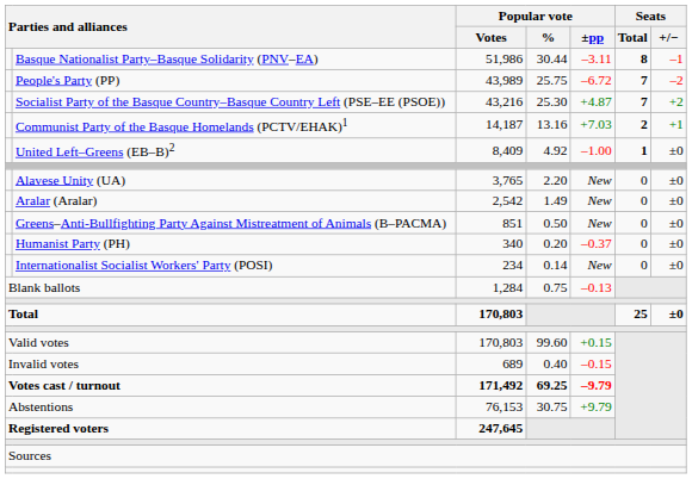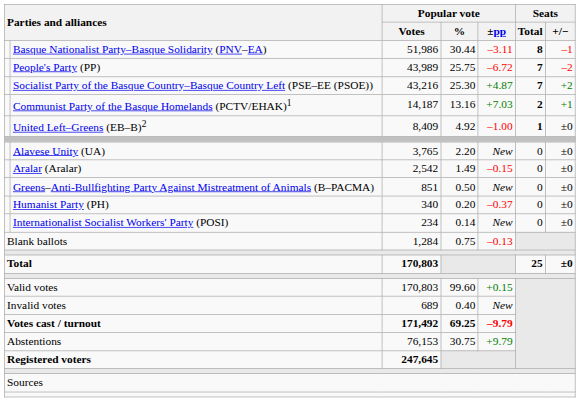 <table class="wikitable" style="text-align:right;">
 <tr>
 <th style="text-align:left;" rowspan="2" colspan="2" width="525">Parties and alliances</th>
 <th colspan="3">Popular vote</th>
 <th colspan="2">Seats</th>
 </tr>
 <tr>
 <th width="75">Votes</th>
 <th width="45">%</th>
 <th width="45">±<a href='#'>pp</a></th>
 <th width="35">Total</th>
 <th width="35">+/−</th>
 </tr>
 <tr>
 <td width="1" style="color:inherit;background:"></td>
 <td align="left"><a href='#'>Basque Nationalist Party–Basque Solidarity</a> (<a href='#'>PNV</a>–<a href='#'>EA</a>)</td>
 <td>51,986</td>
 <td>30.44</td>
 <td style="color:red;">–3.11</td>
 <td><strong>8</strong></td>
 <td style="color:red;">–1</td>
 </tr>
 <tr>
 <td style="color:inherit;background:"></td>
 <td align="left"><a href='#'>People's Party</a> (PP)</td>
 <td>43,989</td>
 <td>25.75</td>
 <td style="color:red;">–6.72</td>
 <td><strong>7</strong></td>
 <td style="color:red;">–2</td>
 </tr>
 <tr>
 <td style="color:inherit;background:"></td>
 <td align="left"><a href='#'>Socialist Party of the Basque Country–Basque Country Left</a> (PSE–EE (PSOE))</td>
 <td>43,216</td>
 <td>25.30</td>
 <td style="color:green;">+4.87</td>
 <td><strong>7</strong></td>
 <td style="color:green;">+2</td>
 </tr>
 <tr>
 <td style="color:inherit;background:"></td>
 <td align="left"><a href='#'>Communist Party of the Basque Homelands</a> (PCTV/EHAK)<sup>1</sup></td>
 <td>14,187</td>
 <td>13.16</td>
 <td style="color:green;">+7.03</td>
 <td><strong>2</strong></td>
 <td style="color:green;">+1</td>
 </tr>
 <tr>
 <td style="color:inherit;background:"></td>
 <td align="left"><a href='#'>United Left–Greens</a> (EB–B)<sup>2</sup></td>
 <td>8,409</td>
 <td>4.92</td>
 <td style="color:red;">–1.00</td>
 <td><strong>1</strong></td>
 <td>±0</td>
 </tr>
 <tr>
 <td colspan="7" bgcolor="#C0C0C0"></td>
 </tr>
 <tr>
 <td style="color:inherit;background:"></td>
 <td align="left"><a href='#'>Alavese Unity</a> (UA)</td>
 <td>3,765</td>
 <td>2.20</td>
 <td><em>New</em></td>
 <td>0</td>
 <td>±0</td>
 </tr>
 <tr>
 <td style="color:inherit;background:"></td>
 <td align="left"><a href='#'>Aralar</a> (Aralar)</td>
 <td>2,542</td>
 <td>1.49</td>
-<td><em>New</em></td>
+<td style="color:red;">–0.15</td>
 <td>0</td>
 <td>±0</td>
 </tr>
 <tr>
 <td style="color:inherit;background:"></td>
 <td align="left"><a href='#'>Greens</a>–<a href='#'>Anti-Bullfighting Party Against Mistreatment of Animals</a> (B–PACMA)</td>
 <td>851</td>
 <td>0.50</td>
 <td><em>New</em></td>
 <td>0</td>
 <td>±0</td>
 </tr>
 <tr>
 <td style="color:inherit;background:"></td>
 <td align="left"><a href='#'>Humanist Party</a> (PH)</td>
 <td>340</td>
 <td>0.20</td>
 <td style="color:red;">–0.37</td>
 <td>0</td>
 <td>±0</td>
 </tr>
 <tr>
 <td style="color:inherit;background:"></td>
 <td align="left"><a href='#'>Internationalist Socialist Workers' Party</a> (POSI)</td>
 <td>234</td>
 <td>0.14</td>
 <td><em>New</em></td>
 <td>0</td>
 <td>±0</td>
 </tr>
 <tr>
 <td align="left" colspan="2">Blank ballots</td>
 <td>1,284</td>
 <td>0.75</td>
 <td style="color:red;">–0.13</td>
 <td bgcolor="#E9E9E9" colspan="2"></td>
 </tr>
 <tr>
 <td colspan="7" bgcolor="#E9E9E9"></td>
 </tr>
 <tr style="font-weight:bold;">
 <td align="left" colspan="2">Total</td>
 <td>170,803</td>
 <td bgcolor="#E9E9E9" colspan="2"></td>
 <td>25</td>
 <td>±0</td>
 </tr>
 <tr>
 <td colspan="7" bgcolor="#E9E9E9"></td>
 </tr>
 <tr>
 <td align="left" colspan="2">Valid votes</td>
 <td>170,803</td>
 <td>99.60</td>
 <td style="color:green;">+0.15</td>
 <td bgcolor="#E9E9E9" colspan="2" rowspan="5"></td>
 </tr>
 <tr>
 <td align="left" colspan="2">Invalid votes</td>
 <td>689</td>
 <td>0.40</td>
-<td style="color:red;">–0.15</td>
+<td><em>New</em></td>
 </tr>
 <tr style="font-weight:bold;">
 <td align="left" colspan="2">Votes cast / turnout</td>
 <td>171,492</td>
 <td>69.25</td>
 <td style="color:red;">–9.79</td>
 </tr>
 <tr>
 <td align="left" colspan="2">Abstentions</td>
 <td>76,153</td>
 <td>30.75</td>
 <td style="color:green;">+9.79</td>
 </tr>
 <tr style="font-weight:bold;">
 <td align="left" colspan="2">Registered voters</td>
 <td>247,645</td>
 <td bgcolor="#E9E9E9" colspan="2"></td>
 </tr>
 <tr>
 <td colspan="7" bgcolor="#E9E9E9"></td>
 </tr>
 <tr>
 <td align="left" colspan="7">Sources</td>
 </tr>
 <tr>
 <td colspan="7" style="text-align:left; max-width:790px;"></td>
 </tr>
 </table>
